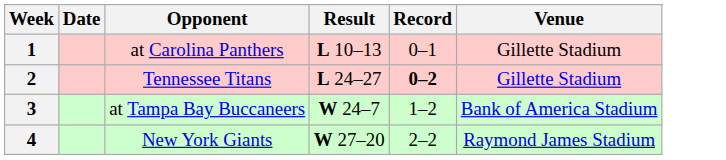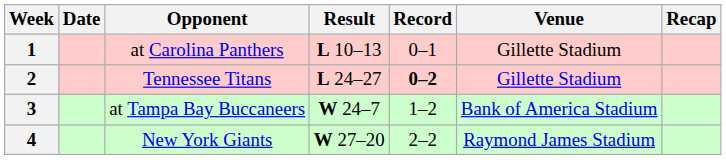 <table class="wikitable" style="text-align:center">
 <tr>
 <th>Week</th>
 <th>Date</th>
 <th>Opponent</th>
 <th>Result</th>
 <th>Record</th>
 <th>Venue</th>
+<th>Recap</th>
 </tr>
 <tr style="background:#fcc;">
 <th>1</th>
 <td></td>
 <td>at <a href='#'>Carolina Panthers</a></td>
 <td><strong>L</strong> 10–13</td>
 <td>0–1</td>
 <td>Gillette Stadium</td>
+<td></td>
 </tr>
 <tr style="background:#fcc;">
 <th>2</th>
 <td></td>
 <td><a href='#'>Tennessee Titans</a></td>
 <td><strong>L</strong> 24–27</td>
 <td><strong>0–2</strong></td>
 <td><a href='#'>Gillette Stadium</a></td>
+<td></td>
 </tr>
 <tr style="background:#cfc;">
 <th>3</th>
 <td></td>
 <td>at <a href='#'>Tampa Bay Buccaneers</a></td>
 <td><strong>W</strong> 24–7</td>
 <td>1–2</td>
 <td><a href='#'>Bank of America Stadium</a></td>
+<td></td>
 </tr>
 <tr style="background:#cfc;">
 <th>4</th>
 <td></td>
 <td><a href='#'>New York Giants</a></td>
 <td><strong>W</strong> 27–20</td>
 <td>2–2</td>
 <td><a href='#'>Raymond James Stadium</a></td>
+<td></td>
 </tr>
 </table>
